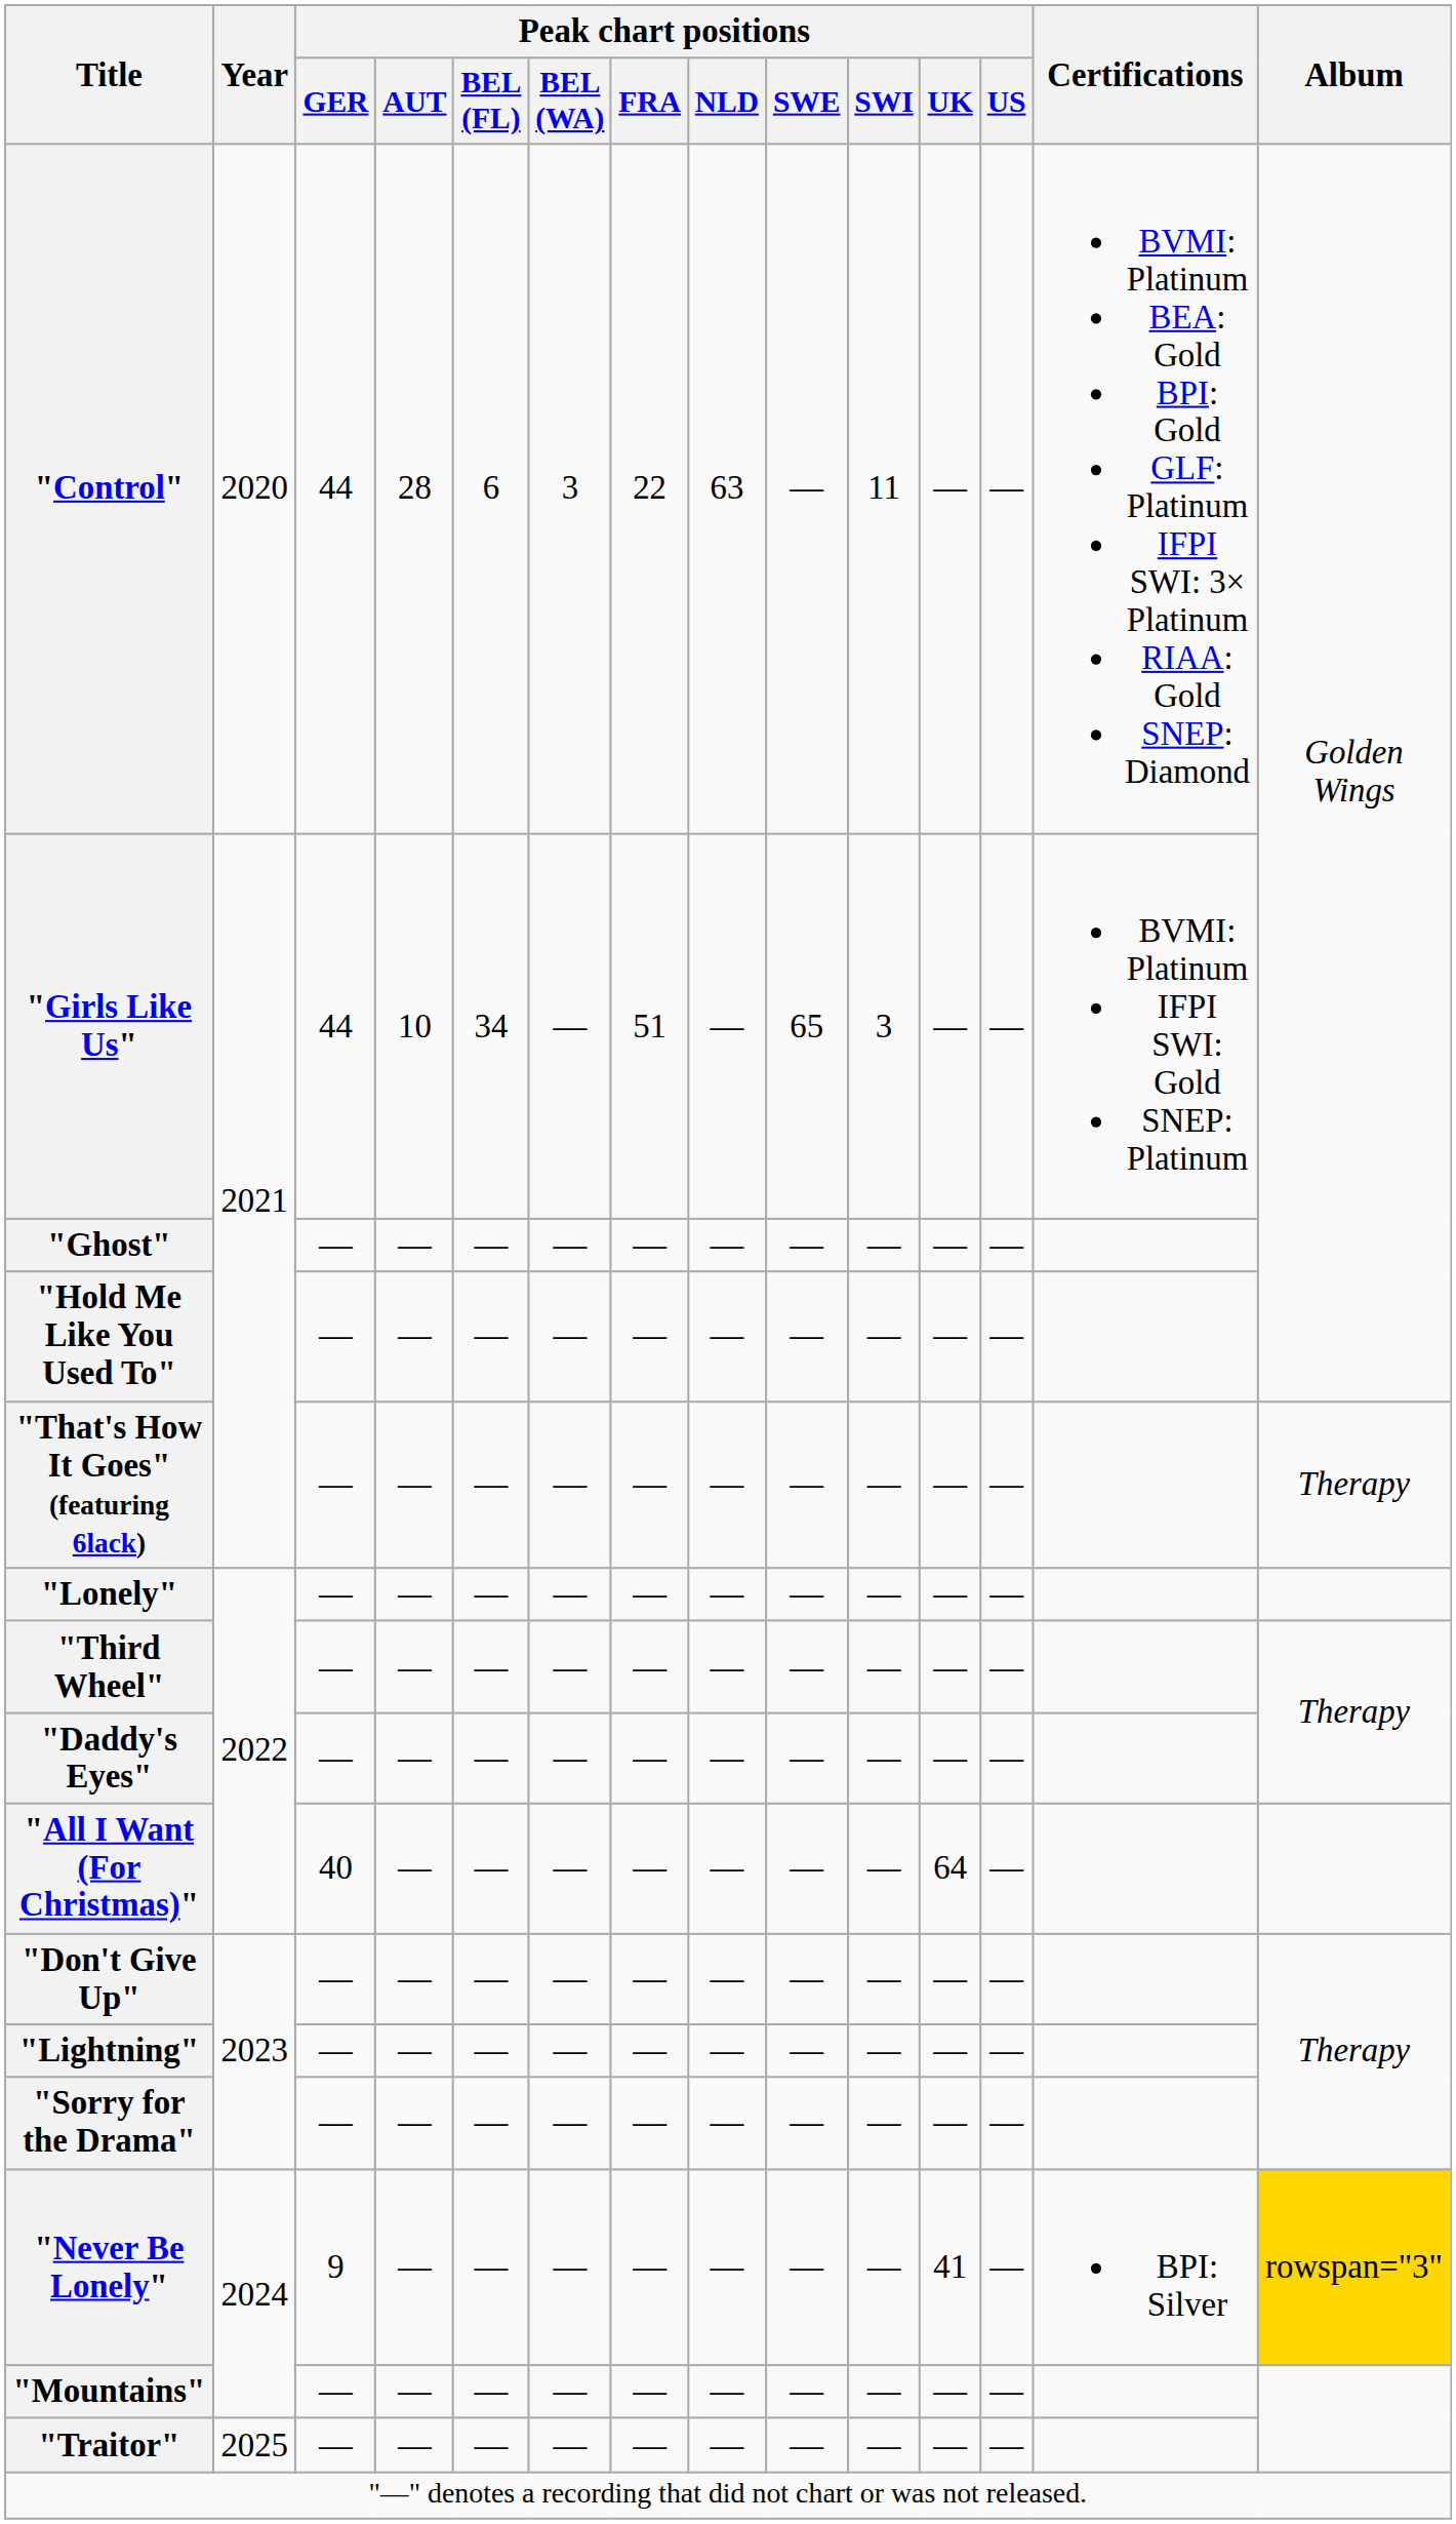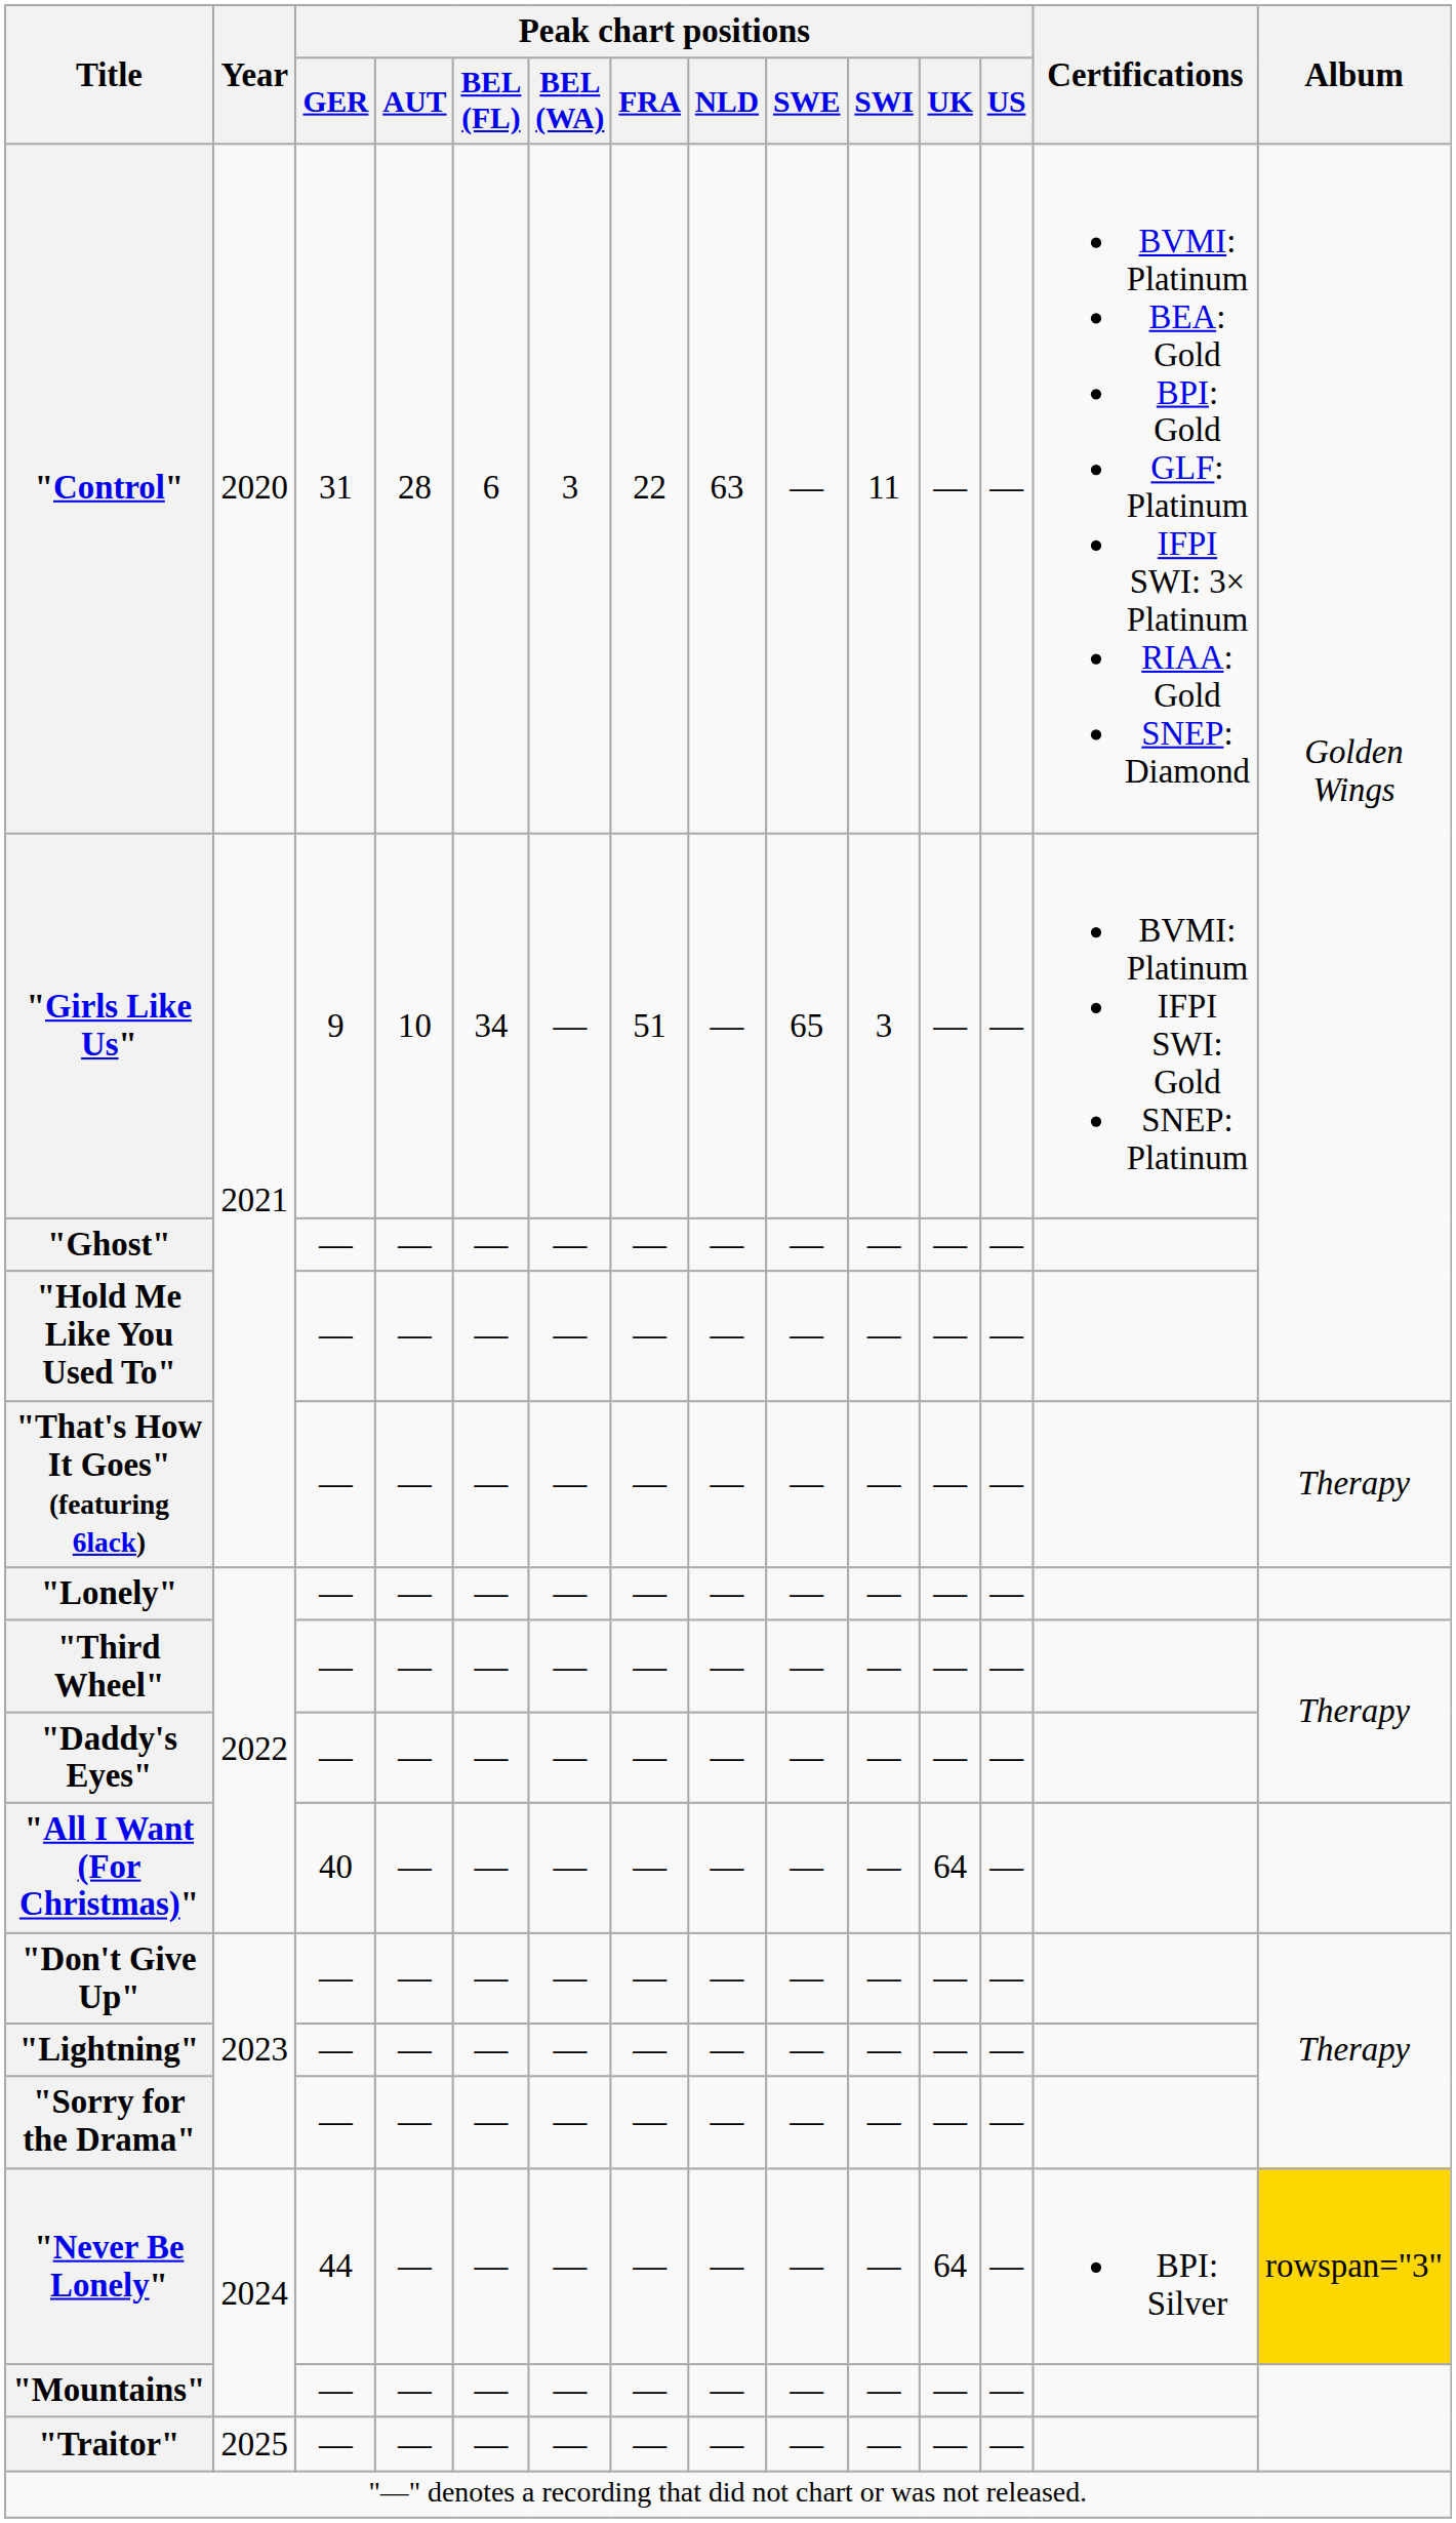 <table class="wikitable plainrowheaders" style="text-align:center">
 <tr>
 <th rowspan="2">Title</th>
 <th rowspan="2">Year</th>
 <th colspan="10">Peak chart positions</th>
 <th rowspan="2">Certifications</th>
 <th rowspan="2">Album</th>
 </tr>
 <tr>
 <th scope="col" style="width:2.5em;font-size:90%;"><a href='#'>GER</a><br></th>
 <th scope="col" style="width:2.5em;font-size:90%;"><a href='#'>AUT</a><br></th>
 <th scope="col" style="width:2.5em;font-size:90%;"><a href='#'>BEL<br>(FL)</a><br></th>
 <th scope="col" style="width:2.5em;font-size:90%;"><a href='#'>BEL<br>(WA)</a><br></th>
 <th scope="col" style="width:2.5em;font-size:90%;"><a href='#'>FRA</a><br></th>
 <th scope="col" style="width:2.5em;font-size:90%;"><a href='#'>NLD</a><br></th>
 <th scope="col" style="width:2.5em;font-size:90%;"><a href='#'>SWE</a><br></th>
 <th scope="col" style="width:2.5em;font-size:90%;"><a href='#'>SWI</a><br></th>
 <th scope="col" style="width:2.5em;font-size:90%;"><a href='#'>UK</a><br></th>
 <th scope="col" style="width:2.5em;font-size:90%;"><a href='#'>US</a><br></th>
 </tr>
 <tr>
 <th scope="row">"<a href='#'>Control</a>"</th>
 <td>2020</td>
-<td>44</td>
+<td>31</td>
 <td>28</td>
 <td>6</td>
 <td>3</td>
 <td>22</td>
 <td>63</td>
 <td>—</td>
 <td>11</td>
 <td>—</td>
 <td>—</td>
 <td><br><ul><li><a href='#'>BVMI</a>: Platinum</li><li><a href='#'>BEA</a>: Gold</li><li><a href='#'>BPI</a>: Gold</li><li><a href='#'>GLF</a>: Platinum</li><li><a href='#'>IFPI</a> SWI: 3× Platinum</li><li><a href='#'>RIAA</a>: Gold</li><li><a href='#'>SNEP</a>: Diamond</li></ul></td>
 <td rowspan="4"><em>Golden Wings</em></td>
 </tr>
 <tr>
 <th scope="row">"<a href='#'>Girls Like Us</a>"</th>
 <td rowspan="4">2021</td>
-<td>44</td>
+<td>9</td>
 <td>10</td>
 <td>34</td>
 <td>—</td>
 <td>51</td>
 <td>—</td>
 <td>65</td>
 <td>3</td>
 <td>—</td>
 <td>—</td>
 <td><br><ul><li>BVMI: Platinum</li><li>IFPI SWI: Gold</li><li>SNEP: Platinum</li></ul></td>
 </tr>
 <tr>
 <th scope="row">"Ghost"</th>
 <td>—</td>
 <td>—</td>
 <td>—</td>
 <td>—</td>
 <td>—</td>
 <td>—</td>
 <td>—</td>
 <td>—</td>
 <td>—</td>
 <td>—</td>
 <td></td>
 </tr>
 <tr>
 <th scope="row">"Hold Me Like You Used To"</th>
 <td>—</td>
 <td>—</td>
 <td>—</td>
 <td>—</td>
 <td>—</td>
 <td>—</td>
 <td>—</td>
 <td>—</td>
 <td>—</td>
 <td>—</td>
 <td></td>
 </tr>
 <tr>
 <th scope="row">"That's How It Goes"<br><small>(featuring <a href='#'>6lack</a>)</small></th>
 <td>—</td>
 <td>—</td>
 <td>—</td>
 <td>—</td>
 <td>—</td>
 <td>—</td>
 <td>—</td>
 <td>—</td>
 <td>—</td>
 <td>—</td>
 <td></td>
 <td><em>Therapy</em></td>
 </tr>
 <tr>
 <th scope="row">"Lonely"</th>
 <td rowspan="4">2022</td>
 <td>—</td>
 <td>—</td>
 <td>—</td>
 <td>—</td>
 <td>—</td>
 <td>—</td>
 <td>—</td>
 <td>—</td>
 <td>—</td>
 <td>—</td>
 <td></td>
 <td></td>
 </tr>
 <tr>
 <th scope="row">"Third Wheel"</th>
 <td>—</td>
 <td>—</td>
 <td>—</td>
 <td>—</td>
 <td>—</td>
 <td>—</td>
 <td>—</td>
 <td>—</td>
 <td>—</td>
 <td>—</td>
 <td></td>
 <td rowspan="2"><em>Therapy</em></td>
 </tr>
 <tr>
 <th scope="row">"Daddy's Eyes"</th>
 <td>—</td>
 <td>—</td>
 <td>—</td>
 <td>—</td>
 <td>—</td>
 <td>—</td>
 <td>—</td>
 <td>—</td>
 <td>—</td>
 <td>—</td>
 <td></td>
 </tr>
 <tr>
 <th scope="row">"<a href='#'>All I Want (For Christmas)</a>"</th>
 <td>40</td>
 <td>—</td>
 <td>—</td>
 <td>—</td>
 <td>—</td>
 <td>—</td>
 <td>—</td>
 <td>—</td>
 <td>64</td>
 <td>—</td>
 <td></td>
 <td></td>
 </tr>
 <tr>
 <th scope="row">"Don't Give Up"</th>
 <td rowspan="3">2023</td>
 <td>—</td>
 <td>—</td>
 <td>—</td>
 <td>—</td>
 <td>—</td>
 <td>—</td>
 <td>—</td>
 <td>—</td>
 <td>—</td>
 <td>—</td>
 <td></td>
 <td rowspan="3"><em>Therapy</em></td>
 </tr>
 <tr>
 <th scope="row">"Lightning"</th>
 <td>—</td>
 <td>—</td>
 <td>—</td>
 <td>—</td>
 <td>—</td>
 <td>—</td>
 <td>—</td>
 <td>—</td>
 <td>—</td>
 <td>—</td>
 <td></td>
 </tr>
 <tr>
 <th scope="row">"Sorry for the Drama"</th>
 <td>—</td>
 <td>—</td>
 <td>—</td>
 <td>—</td>
 <td>—</td>
 <td>—</td>
 <td>—</td>
 <td>—</td>
 <td>—</td>
 <td>—</td>
 <td></td>
 </tr>
 <tr>
 <th scope="row">"<a href='#'>Never Be Lonely</a>"<br></th>
 <td rowspan="2">2024</td>
-<td>9</td>
+<td>44</td>
 <td>—</td>
 <td>—</td>
 <td>—</td>
 <td>—</td>
 <td>—</td>
 <td>—</td>
 <td>—</td>
-<td>41</td>
+<td>64</td>
 <td>—</td>
 <td><br><ul><li>BPI: Silver</li></ul></td>
 <td style="background: gold;">rowspan="3" </td>
 </tr>
 <tr>
 <th scope="row">"Mountains"<br></th>
 <td>—</td>
 <td>—</td>
 <td>—</td>
 <td>—</td>
 <td>—</td>
 <td>—</td>
 <td>—</td>
 <td>—</td>
 <td>—</td>
 <td>—</td>
 <td></td>
 </tr>
 <tr>
 <th scope="row">"Traitor"</th>
 <td>2025</td>
 <td>—</td>
 <td>—</td>
 <td>—</td>
 <td>—</td>
 <td>—</td>
 <td>—</td>
 <td>—</td>
 <td>—</td>
 <td>—</td>
 <td>—</td>
 <td></td>
 </tr>
 <tr>
 <td colspan="14" style="font-size:85%">"—" denotes a recording that did not chart or was not released.</td>
 </tr>
 </table>
